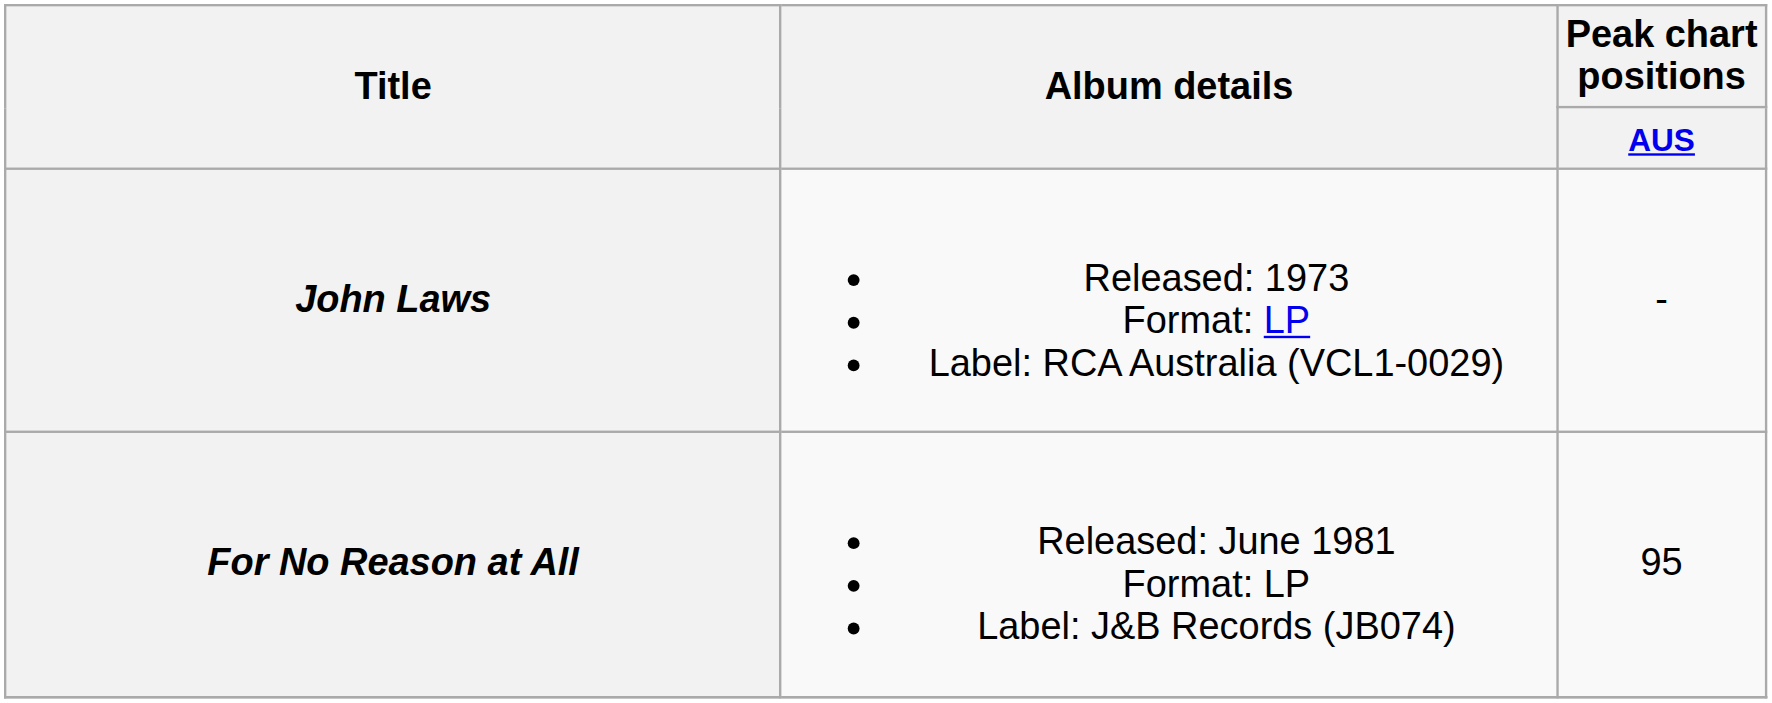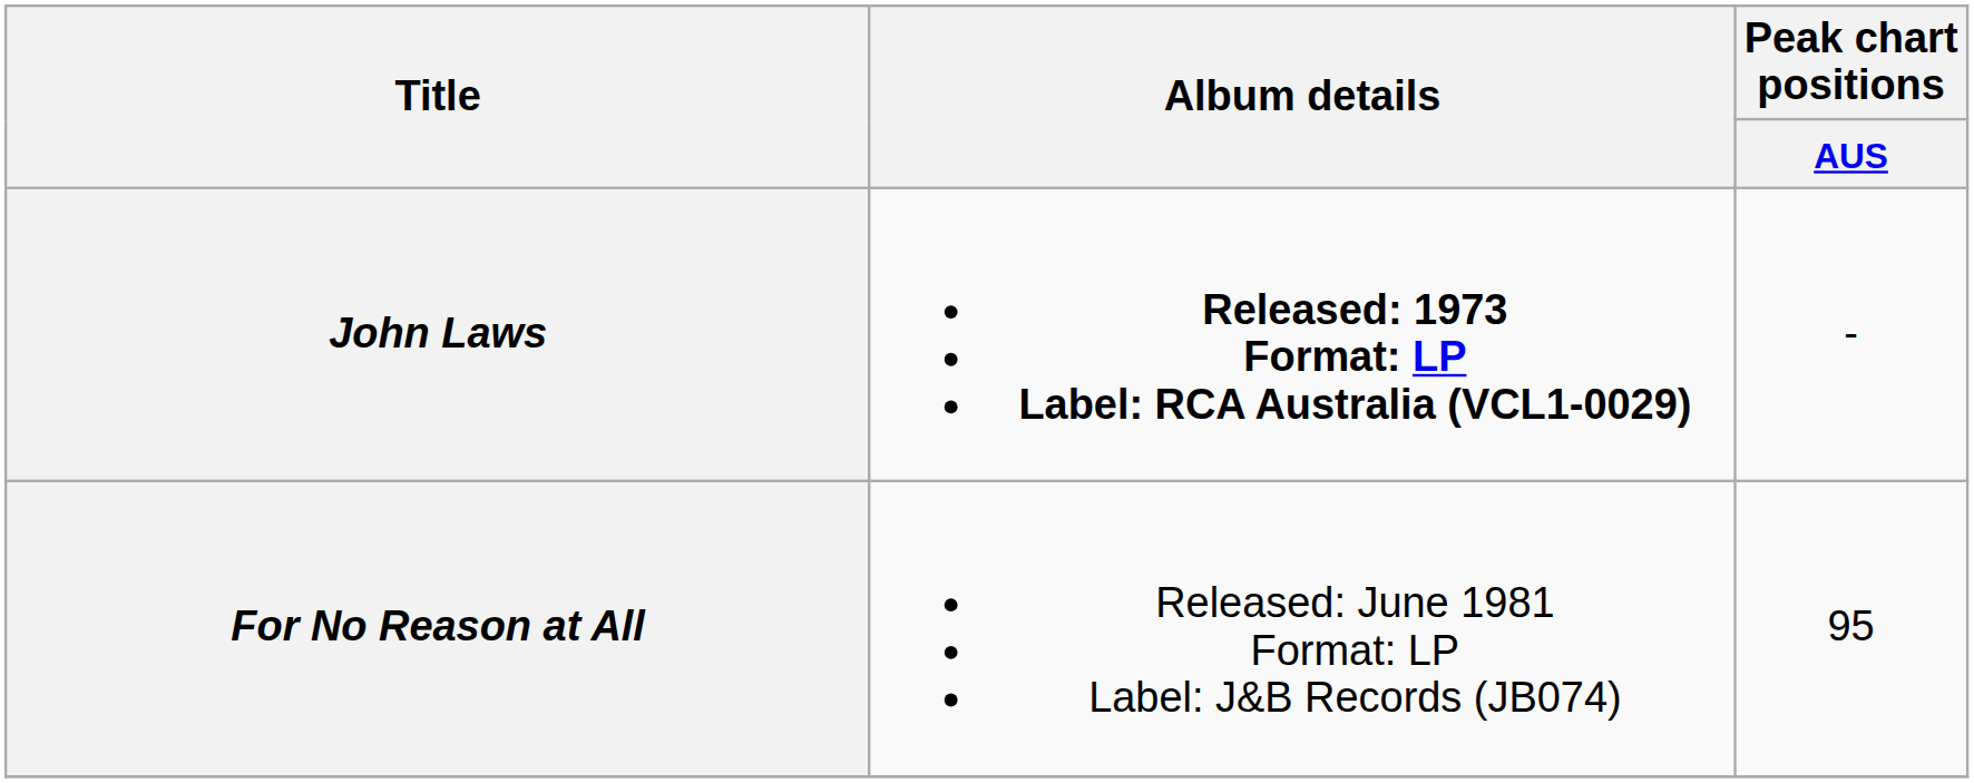 <table class="wikitable plainrowheaders" style="text-align:center;" border="1">
 <tr>
 <th scope="col" rowspan="2" style="width:20em;">Title</th>
 <th scope="col" rowspan="2" style="width:20em;">Album details</th>
 <th scope="col" colspan="1">Peak chart<br>positions</th>
 </tr>
 <tr>
 <th scope="col" style="text-align:center;"><small><a href='#'>AUS</a></small><br></th>
 </tr>
 <tr>
 <th scope="row"><em>John Laws</em></th>
-<td><br><ul><li>Released: 1973</li><li>Format: <a href='#'>LP</a></li><li>Label: RCA Australia (VCL1-0029)</li></ul></td>
+<td><strong><br><ul><li>Released: 1973</li><li>Format: <a href='#'>LP</a></li><li>Label: RCA Australia (VCL1-0029)</li></ul></strong></td>
 <td align="center">-</td>
 </tr>
 <tr>
 <th scope="row"><em>For No Reason at All </em></th>
 <td><br><ul><li>Released: June 1981</li><li>Format: LP</li><li>Label: J&B Records (JB074)</li></ul></td>
 <td align="center">95</td>
 </tr>
 <tr>
 </tr>
 </table>
